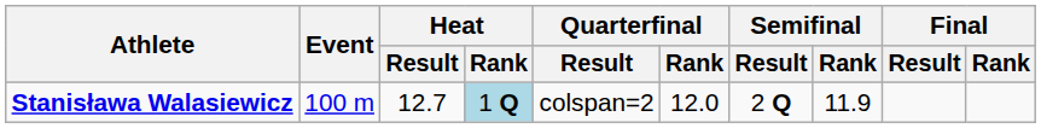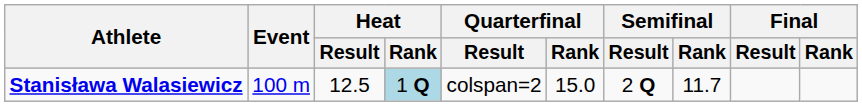 <table class="wikitable" style="font-size:90%">
 <tr>
 <th rowspan="2">Athlete</th>
 <th rowspan="2">Event</th>
 <th colspan="2">Heat</th>
 <th colspan="2">Quarterfinal</th>
 <th colspan="2">Semifinal</th>
 <th colspan="2">Final</th>
 </tr>
 <tr style="font-size:95%">
 <th>Result</th>
 <th>Rank</th>
 <th>Result</th>
 <th>Rank</th>
 <th>Result</th>
 <th>Rank</th>
 <th>Result</th>
 <th>Rank</th>
 </tr>
 <tr align=center>
 <td align=left><strong><a href='#'>Stanisława Walasiewicz</a></strong></td>
 <td align=left><a href='#'>100 m</a></td>
-<td>12.7</td>
+<td>12.5</td>
 <td style="background: lightblue;">1 <strong>Q</strong></td>
 <td>colspan=2 </td>
-<td>12.0</td>
+<td>15.0</td>
 <td>2 <strong>Q</strong></td>
-<td>11.9</td>
+<td>11.7</td>
 <td></td>
 </tr>
 </table>
